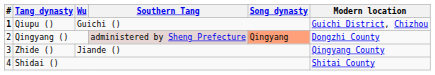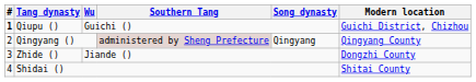 <table class="wikitable">
 <tr>
 <th>#</th>
 <th><a href='#'>Tang dynasty</a></th>
 <th><a href='#'>Wu</a></th>
 <th><a href='#'>Southern Tang</a></th>
 <th><a href='#'>Song dynasty</a></th>
 <th>Modern location</th>
 </tr>
 <tr>
 <td><strong>1</strong></td>
 <td>Qiupu ()</td>
 <td colspan=3>Guichi ()</td>
 <td><a href='#'>Guichi District</a>, <a href='#'>Chizhou</a></td>
 </tr>
 <tr>
 <td>2</td>
 <td colspan=2>Qingyang ()</td>
 <td style=background:#e5d6d3>administered by <a href='#'>Sheng Prefecture</a></td>
-<td style="background: lightsalmon;">Qingyang</td>
-<td><a href='#'>Dongzhi County</a></td>
+<td>Qingyang</td>
+<td><a href='#'>Qingyang County</a></td>
 </tr>
 <tr>
 <td>3</td>
 <td>Zhide ()</td>
 <td colspan=3>Jiande ()</td>
-<td><a href='#'>Qingyang County</a></td>
+<td><a href='#'>Dongzhi County</a></td>
 </tr>
 <tr>
 <td>4</td>
 <td colspan=4>Shidai ()</td>
 <td><a href='#'>Shitai County</a></td>
 </tr>
 </table>
